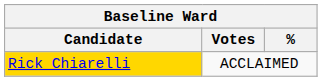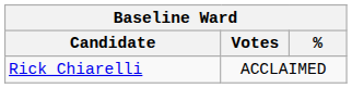 <table class="wikitable">
 <tr>
 <th colspan="3">Baseline Ward</th>
 </tr>
 <tr>
 <th style="width: 170px">Candidate</th>
 <th style="width: 50px">Votes</th>
 <th style="width: 40px">%</th>
 </tr>
 <tr>
-<td style="background: gold;"><a href='#'>Rick Chiarelli</a></td>
+<td><a href='#'>Rick Chiarelli</a></td>
 <td colspan="2" align="center">ACCLAIMED</td>
 </tr>
 </table>
